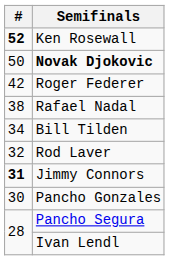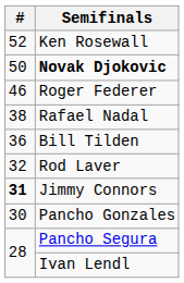 <table class=wikitable style="display:inline-table;">
 <tr>
 <th width=20>#</th>
 <th>Semifinals</th>
 </tr>
 <tr>
-<td><strong>52</strong></td>
+<td>52</td>
 <td> Ken Rosewall</td>
 </tr>
 <tr>
 <td>50</td>
 <td> <strong>Novak Djokovic</strong></td>
 </tr>
 <tr>
-<td>42</td>
+<td>46</td>
 <td> Roger Federer</td>
 </tr>
 <tr>
 <td>38</td>
 <td> Rafael Nadal</td>
 </tr>
 <tr>
-<td>34</td>
+<td>36</td>
 <td> Bill Tilden</td>
 </tr>
 <tr>
 <td>32</td>
 <td> Rod Laver</td>
 </tr>
 <tr>
 <td><strong>31</strong></td>
 <td> Jimmy Connors</td>
 </tr>
 <tr>
 <td>30</td>
 <td> Pancho Gonzales</td>
 </tr>
 <tr>
 <td rowspan="2">28</td>
 <td> <a href='#'>Pancho Segura</a></td>
 </tr>
 <tr>
 <td> Ivan Lendl</td>
 </tr>
 </table>
